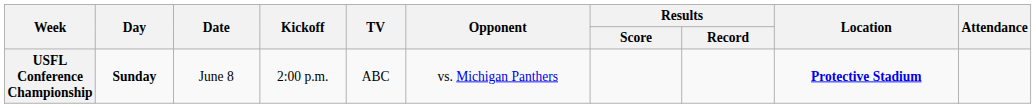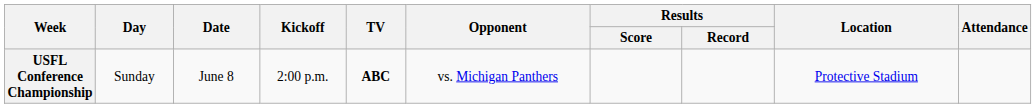 <table class="wikitable" style="text-align:center; font-size: 95%;">
 <tr>
 <th rowspan="2" width="40">Week</th>
 <th rowspan="2" width="80">Day</th>
 <th rowspan="2" width="90">Date</th>
 <th rowspan="2" width="90">Kickoff</th>
 <th rowspan="2" width="60">TV</th>
 <th rowspan="2" width="200">Opponent</th>
 <th colspan="2" width="200">Results</th>
 <th rowspan="2" width="200">Location</th>
 <th rowspan="2">Attendance</th>
 </tr>
 <tr>
 <th width="60">Score</th>
 <th width="60">Record</th>
 </tr>
 <tr style="background:#">
 <th>USFL Conference Championship</th>
-<td><strong>Sunday</strong></td>
+<td>Sunday</td>
 <td>June 8</td>
 <td>2:00 p.m.</td>
-<td>ABC</td>
+<td><strong>ABC</strong></td>
 <td>vs. <a href='#'>Michigan Panthers</a></td>
 <td></td>
 <td></td>
-<td><strong><a href='#'>Protective Stadium</a></strong></td>
+<td><a href='#'>Protective Stadium</a></td>
 <td></td>
 </tr>
 </table>
